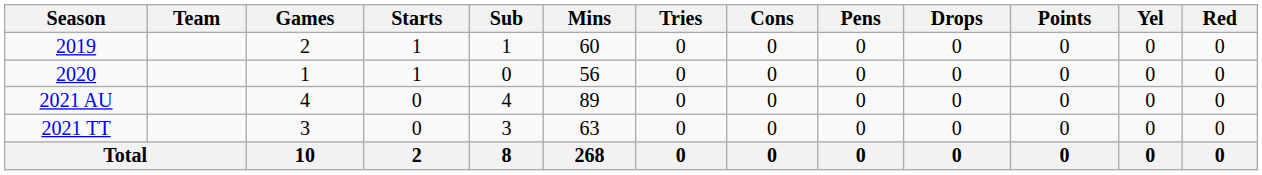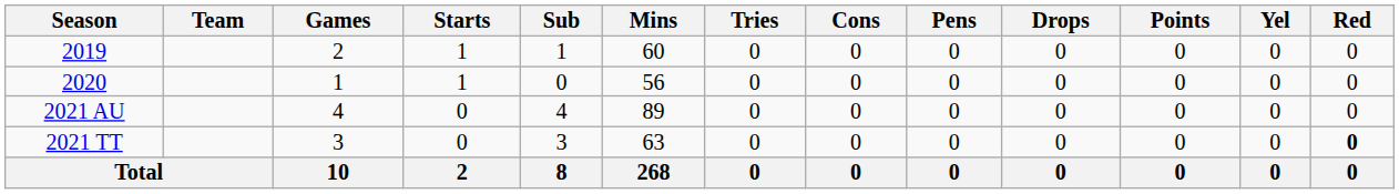 <table class="wikitable" style="text-align:center; line-height:90%; font-size:95%; width:60%;">
 <tr>
 <th>Season</th>
 <th>Team</th>
 <th>Games</th>
 <th>Starts</th>
 <th>Sub</th>
 <th>Mins</th>
 <th>Tries</th>
 <th>Cons</th>
 <th>Pens</th>
 <th>Drops</th>
 <th>Points</th>
 <th>Yel</th>
 <th>Red</th>
 </tr>
 <tr>
 <td><a href='#'>2019</a></td>
 <td></td>
 <td>2</td>
 <td>1</td>
 <td>1</td>
 <td>60</td>
 <td>0</td>
 <td>0</td>
 <td>0</td>
 <td>0</td>
 <td>0</td>
 <td>0</td>
 <td>0</td>
 </tr>
 <tr>
 <td><a href='#'>2020</a></td>
 <td></td>
 <td>1</td>
 <td>1</td>
 <td>0</td>
 <td>56</td>
 <td>0</td>
 <td>0</td>
 <td>0</td>
 <td>0</td>
 <td>0</td>
 <td>0</td>
 <td>0</td>
 </tr>
 <tr>
 <td><a href='#'>2021 AU</a></td>
 <td></td>
 <td>4</td>
 <td>0</td>
 <td>4</td>
 <td>89</td>
 <td>0</td>
 <td>0</td>
 <td>0</td>
 <td>0</td>
 <td>0</td>
 <td>0</td>
 <td>0</td>
 </tr>
 <tr>
 <td><a href='#'>2021 TT</a></td>
 <td></td>
 <td>3</td>
 <td>0</td>
 <td>3</td>
 <td>63</td>
 <td>0</td>
 <td>0</td>
 <td>0</td>
 <td>0</td>
 <td>0</td>
 <td>0</td>
-<td>0</td>
+<td><strong>0</strong></td>
 </tr>
 <tr>
 <th colspan="2">Total</th>
 <th>10</th>
 <th>2</th>
 <th>8</th>
 <th>268</th>
 <th>0</th>
 <th>0</th>
 <th>0</th>
 <th>0</th>
 <th>0</th>
 <th>0</th>
 <th>0</th>
 </tr>
 </table>
